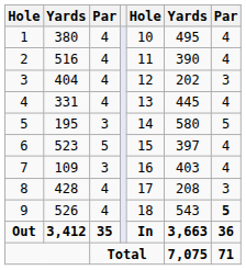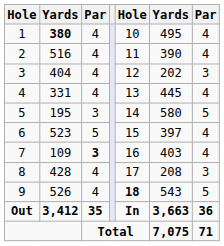 <table class="wikitable" style="text-align:center; font-size:100%;">
 <tr>
 <th>Hole</th>
 <th>Yards</th>
 <th>Par</th>
 <th></th>
 <th>Hole</th>
 <th>Yards</th>
 <th>Par</th>
 </tr>
 <tr>
 <td>1</td>
-<td>380</td>
+<td><strong>380</strong></td>
 <td>4</td>
 <td rowspan=10 style="background:#E6E8FA;"></td>
 <td>10</td>
 <td>495</td>
 <td>4</td>
 </tr>
 <tr>
 <td>2</td>
 <td>516</td>
 <td>4</td>
 <td>11</td>
 <td>390</td>
 <td>4</td>
 </tr>
 <tr>
 <td>3</td>
 <td>404</td>
 <td>4</td>
 <td>12</td>
 <td>202</td>
 <td>3</td>
 </tr>
 <tr>
 <td>4</td>
 <td>331</td>
 <td>4</td>
 <td>13</td>
 <td>445</td>
 <td>4</td>
 </tr>
 <tr>
 <td>5</td>
 <td>195</td>
 <td>3</td>
 <td>14</td>
 <td>580</td>
 <td>5</td>
 </tr>
 <tr>
 <td>6</td>
 <td>523</td>
 <td>5</td>
 <td>15</td>
 <td>397</td>
 <td>4</td>
 </tr>
 <tr>
 <td>7</td>
 <td>109</td>
-<td>3</td>
+<td><strong>3</strong></td>
 <td>16</td>
 <td>403</td>
 <td>4</td>
 </tr>
 <tr>
 <td>8</td>
 <td>428</td>
 <td>4</td>
 <td>17</td>
 <td>208</td>
 <td>3</td>
 </tr>
 <tr>
 <td>9</td>
 <td>526</td>
 <td>4</td>
-<td>18</td>
+<td><strong>18</strong></td>
 <td>543</td>
-<td><strong>5</strong></td>
+<td>5</td>
 </tr>
 <tr>
 <td><strong>Out</strong></td>
 <td><strong>3,412</strong></td>
 <td><strong>35</strong></td>
 <td><strong>In</strong></td>
 <td><strong>3,663</strong></td>
 <td><strong>36</strong></td>
 </tr>
 <tr>
 <td colspan=2 align=left></td>
 <td colspan=3><strong>Total</strong></td>
 <td><strong>7,075</strong></td>
 <td><strong>71</strong></td>
 </tr>
 </table>
